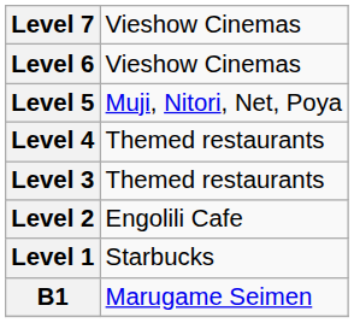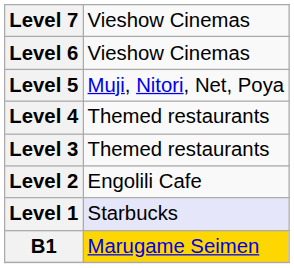 <table class="wikitable">
 <tr>
 <th>Level 7</th>
 <td>Vieshow Cinemas</td>
 </tr>
 <tr>
 <th>Level 6</th>
 <td>Vieshow Cinemas</td>
 </tr>
 <tr>
 <th>Level 5</th>
 <td><a href='#'>Muji</a>, <a href='#'>Nitori</a>, Net, Poya</td>
 </tr>
 <tr>
 <th>Level 4</th>
 <td>Themed restaurants</td>
 </tr>
 <tr>
 <th>Level 3</th>
 <td>Themed restaurants</td>
 </tr>
 <tr>
 <th>Level 2</th>
 <td>Engolili Cafe</td>
 </tr>
 <tr>
 <th>Level 1</th>
-<td>Starbucks</td>
+<td style="background: lavender;">Starbucks</td>
 </tr>
 <tr>
 <th>B1</th>
-<td><a href='#'>Marugame Seimen</a></td>
+<td style="background: gold;"><a href='#'>Marugame Seimen</a></td>
 </tr>
 <tr>
 </tr>
 </table>
